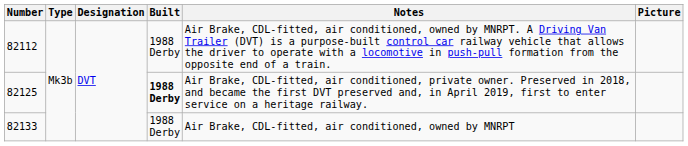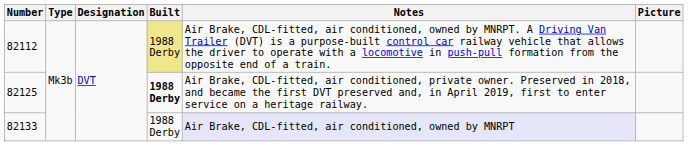 <table class="wikitable">
 <tr>
 <th>Number</th>
 <th>Type</th>
 <th>Designation</th>
 <th>Built</th>
 <th>Notes</th>
 <th>Picture</th>
 </tr>
 <tr>
 <td>82112</td>
 <td rowspan=3>Mk3b</td>
 <td rowspan=3><a href='#'>DVT</a></td>
-<td>1988<br>Derby</td>
+<td style="background: khaki;">1988<br>Derby</td>
 <td>Air Brake, CDL-fitted, air conditioned, owned by MNRPT. A <a href='#'>Driving Van Trailer</a> (DVT) is a purpose-built <a href='#'>control car</a> railway vehicle that allows the driver to operate with a <a href='#'>locomotive</a> in <a href='#'>push-pull</a> formation from the opposite end of a train.</td>
 <td></td>
 </tr>
 <tr>
 <td>82125</td>
 <td><strong>1988<br>Derby</strong></td>
 <td>Air Brake, CDL-fitted, air conditioned, private owner. Preserved in 2018, and became the first DVT preserved and, in April 2019, first to enter service on a heritage railway.</td>
 <td></td>
 </tr>
 <tr>
 <td>82133</td>
 <td>1988<br>Derby</td>
-<td>Air Brake, CDL-fitted, air conditioned, owned by MNRPT</td>
+<td style="background: lavender;">Air Brake, CDL-fitted, air conditioned, owned by MNRPT</td>
 <td></td>
 </tr>
 </table>
